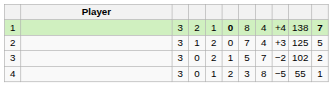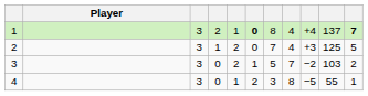 <table class="wikitable" style="text-align:center; margin: 1em auto 1em auto, align:left">
 <tr>
 <th width=20></th>
 <th width=240>Player</th>
 <th width=20></th>
 <th width=20></th>
 <th width=20></th>
 <th width=20></th>
 <th width=20></th>
 <th width=20></th>
 <th width=20></th>
 <th width=30></th>
 <th width=20></th>
 </tr>
 <tr style="background:#D0F0C0;">
 <td>1</td>
 <td align=left></td>
 <td>3</td>
 <td>2</td>
 <td>1</td>
 <td><strong>0</strong></td>
 <td>8</td>
 <td>4</td>
 <td>+4</td>
-<td>138</td>
+<td>137</td>
 <td><strong>7</strong></td>
 </tr>
 <tr style=>
 <td>2</td>
 <td align=left></td>
 <td>3</td>
 <td>1</td>
 <td>2</td>
 <td>0</td>
 <td>7</td>
 <td>4</td>
 <td>+3</td>
 <td>125</td>
 <td>5</td>
 </tr>
 <tr style=>
 <td>3</td>
 <td align=left></td>
 <td>3</td>
 <td>0</td>
 <td>2</td>
 <td>1</td>
 <td>5</td>
 <td>7</td>
 <td>−2</td>
-<td>102</td>
+<td>103</td>
 <td>2</td>
 </tr>
 <tr style=>
 <td>4</td>
 <td align=left></td>
 <td>3</td>
 <td>0</td>
 <td>1</td>
 <td>2</td>
 <td>3</td>
 <td>8</td>
 <td>−5</td>
 <td>55</td>
 <td>1</td>
 </tr>
 </table>
